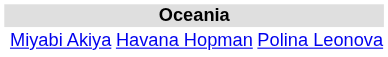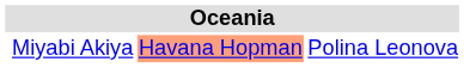 <table>
 <tr bgcolor="DFDFDF">
 <td colspan="4" align="center"><strong>Oceania</strong></td>
 </tr>
 <tr>
 <th scope=row style="text-align:left"></th>
 <td valign="top"> <a href='#'>Miyabi Akiya</a></td>
-<td valign="top"> <a href='#'>Havana Hopman</a></td>
+<td valign="top" style="background: lightsalmon;"> <a href='#'>Havana Hopman</a></td>
 <td valign="top"> <a href='#'>Polina Leonova</a></td>
 </tr>
 <tr bgcolor="DFDFDF">
 </tr>
 </table>
